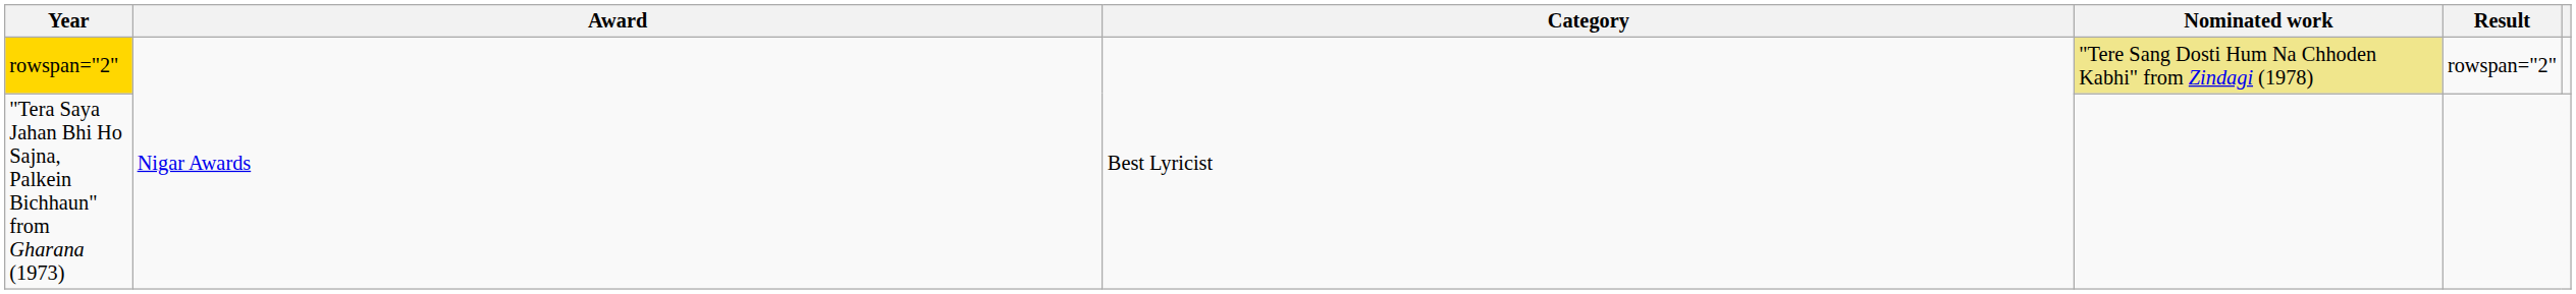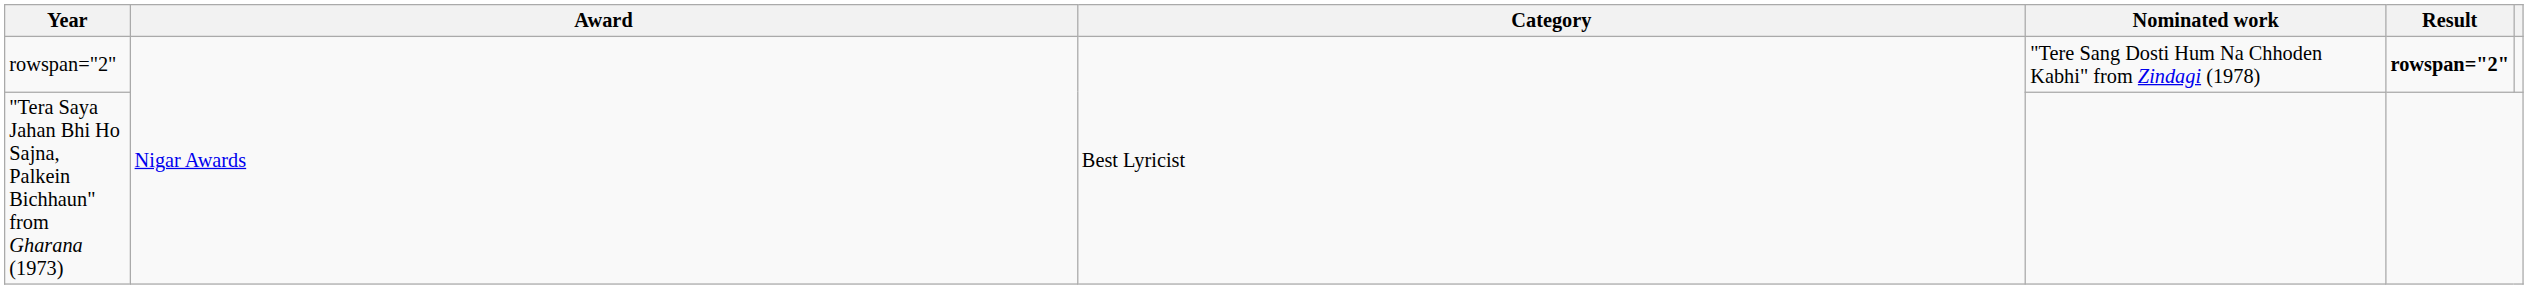 <table class="wikitable sortable" width=100%>
 <tr>
 <th width=5%>Year</th>
 <th style="width:40%;">Award</th>
 <th style="width:40%;">Category</th>
 <th style="width:40%;">Nominated work</th>
 <th style="width:10%;">Result</th>
 <th width=5%></th>
 </tr>
 <tr>
-<td style="background: gold;">rowspan="2"</td>
+<td>rowspan="2"</td>
 <td rowspan="2"><a href='#'>Nigar Awards</a></td>
 <td rowspan="2">Best Lyricist</td>
-<td style="background: khaki;">"Tere Sang Dosti Hum Na Chhoden Kabhi" from <em><a href='#'>Zindagi</a></em> (1978)</td>
-<td>rowspan="2"</td>
+<td>"Tere Sang Dosti Hum Na Chhoden Kabhi" from <em><a href='#'>Zindagi</a></em> (1978)</td>
+<td><strong>rowspan="2"</strong></td>
 <td></td>
 </tr>
 <tr>
 <td>"Tera Saya Jahan Bhi Ho Sajna, Palkein Bichhaun" from <em>Gharana</em> (1973)</td>
 <td></td>
 </tr>
 </table>
